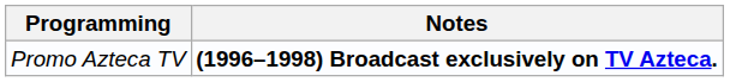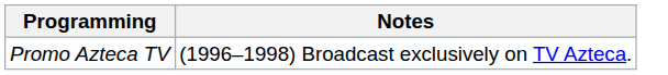 <table class="wikitable" style="background:#fcfdff; font-size:95%;">
 <tr>
 <th>Programming</th>
 <th>Notes</th>
 </tr>
 <tr>
 <td><em>Promo Azteca TV</em></td>
-<td><strong>(1996–1998) Broadcast exclusively on <a href='#'>TV Azteca</a>.</strong></td>
+<td>(1996–1998) Broadcast exclusively on <a href='#'>TV Azteca</a>.</td>
 </tr>
 </table>
